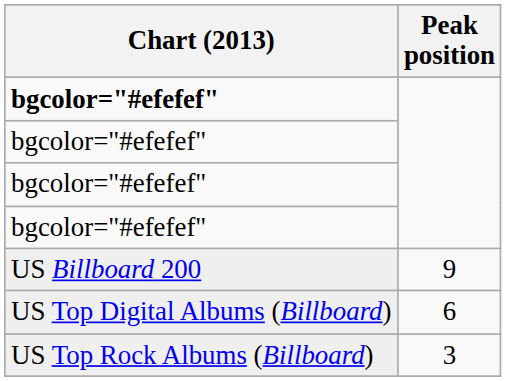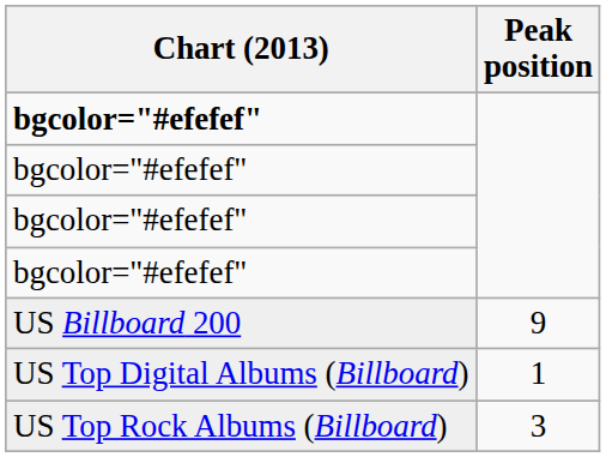 <table class="wikitable sortable plainrowheaders">
 <tr>
 <th>Chart (2013)</th>
 <th>Peak<br>position</th>
 </tr>
 <tr>
 <td><strong>bgcolor="#efefef" </strong></td>
 </tr>
 <tr>
 <td>bgcolor="#efefef" </td>
 </tr>
 <tr>
 <td>bgcolor="#efefef" </td>
 </tr>
 <tr>
 <td>bgcolor="#efefef" </td>
 </tr>
 <tr>
 <td bgcolor="#efefef">US <a href='#'><em>Billboard</em> 200</a></td>
 <td align="center">9</td>
 </tr>
 <tr>
 <td bgcolor="#efefef">US <a href='#'>Top Digital Albums</a> (<a href='#'><em>Billboard</em></a>)</td>
-<td align="center">6</td>
+<td align="center">1</td>
 </tr>
 <tr>
 <td bgcolor="#efefef">US <a href='#'>Top Rock Albums</a> (<a href='#'><em>Billboard</em></a>)</td>
 <td align="center">3</td>
 </tr>
 </table>
